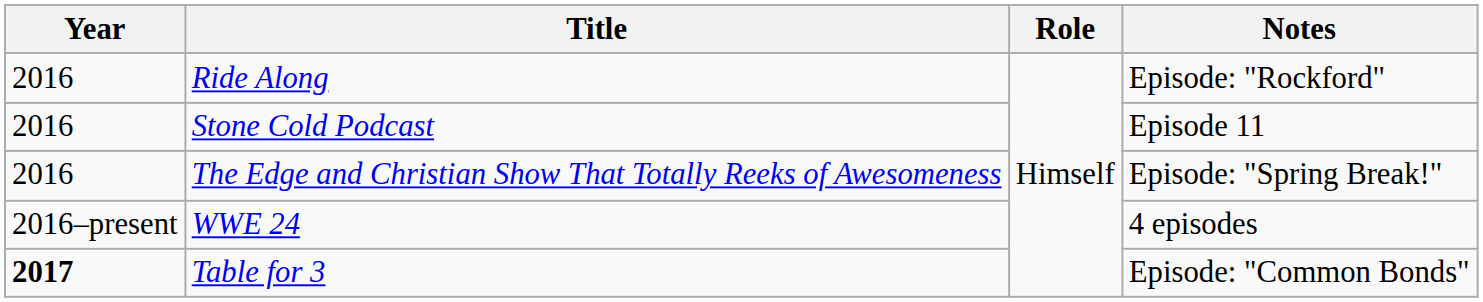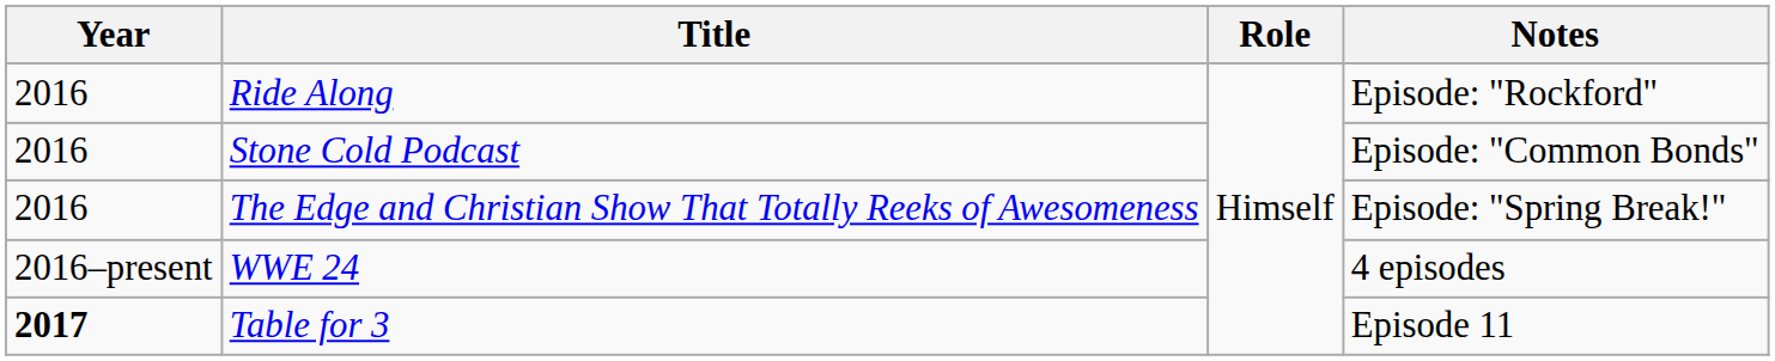 <table class="wikitable sortable">
 <tr>
 <th>Year</th>
 <th>Title</th>
 <th>Role</th>
 <th>Notes</th>
 </tr>
 <tr>
 <td>2016</td>
 <td><em><a href='#'>Ride Along</a></em></td>
 <td rowspan="5">Himself</td>
 <td>Episode: "Rockford"</td>
 </tr>
 <tr>
 <td>2016</td>
 <td><em><a href='#'>Stone Cold Podcast</a></em></td>
-<td>Episode 11</td>
+<td>Episode: "Common Bonds"</td>
 </tr>
 <tr>
 <td>2016</td>
 <td><em><a href='#'>The Edge and Christian Show That Totally Reeks of Awesomeness</a></em></td>
 <td>Episode: "Spring Break!"</td>
 </tr>
 <tr>
 <td>2016–present</td>
 <td><em><a href='#'>WWE 24</a></em></td>
 <td>4 episodes</td>
 </tr>
 <tr>
 <td><strong>2017</strong></td>
 <td><em><a href='#'>Table for 3</a></em></td>
-<td>Episode: "Common Bonds"</td>
+<td>Episode 11</td>
 </tr>
 </table>
